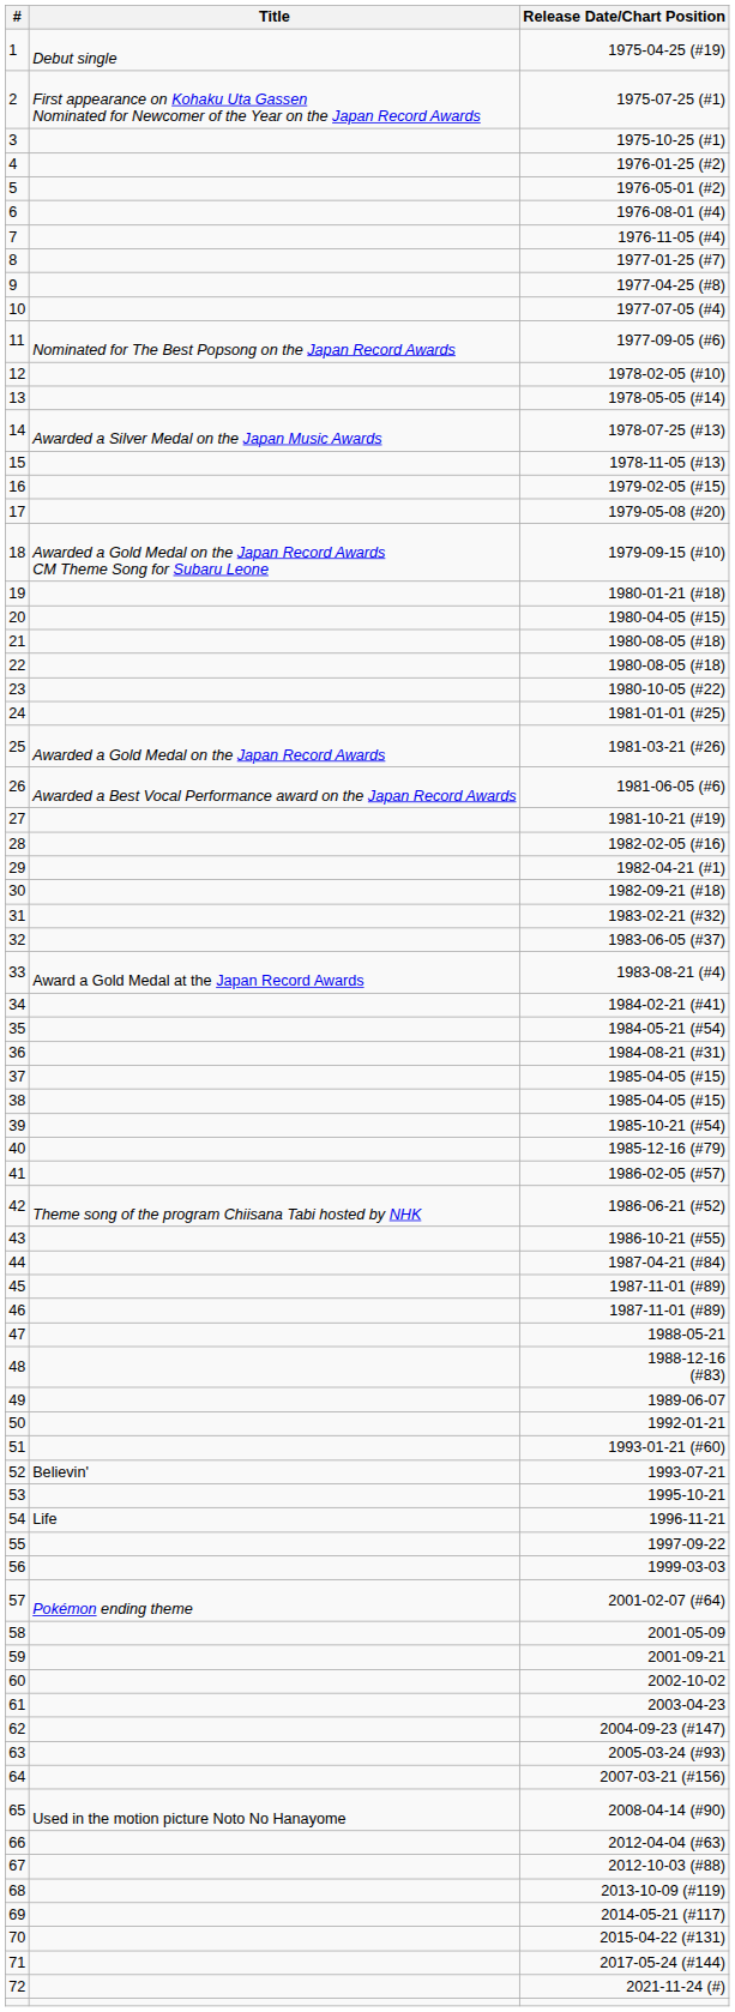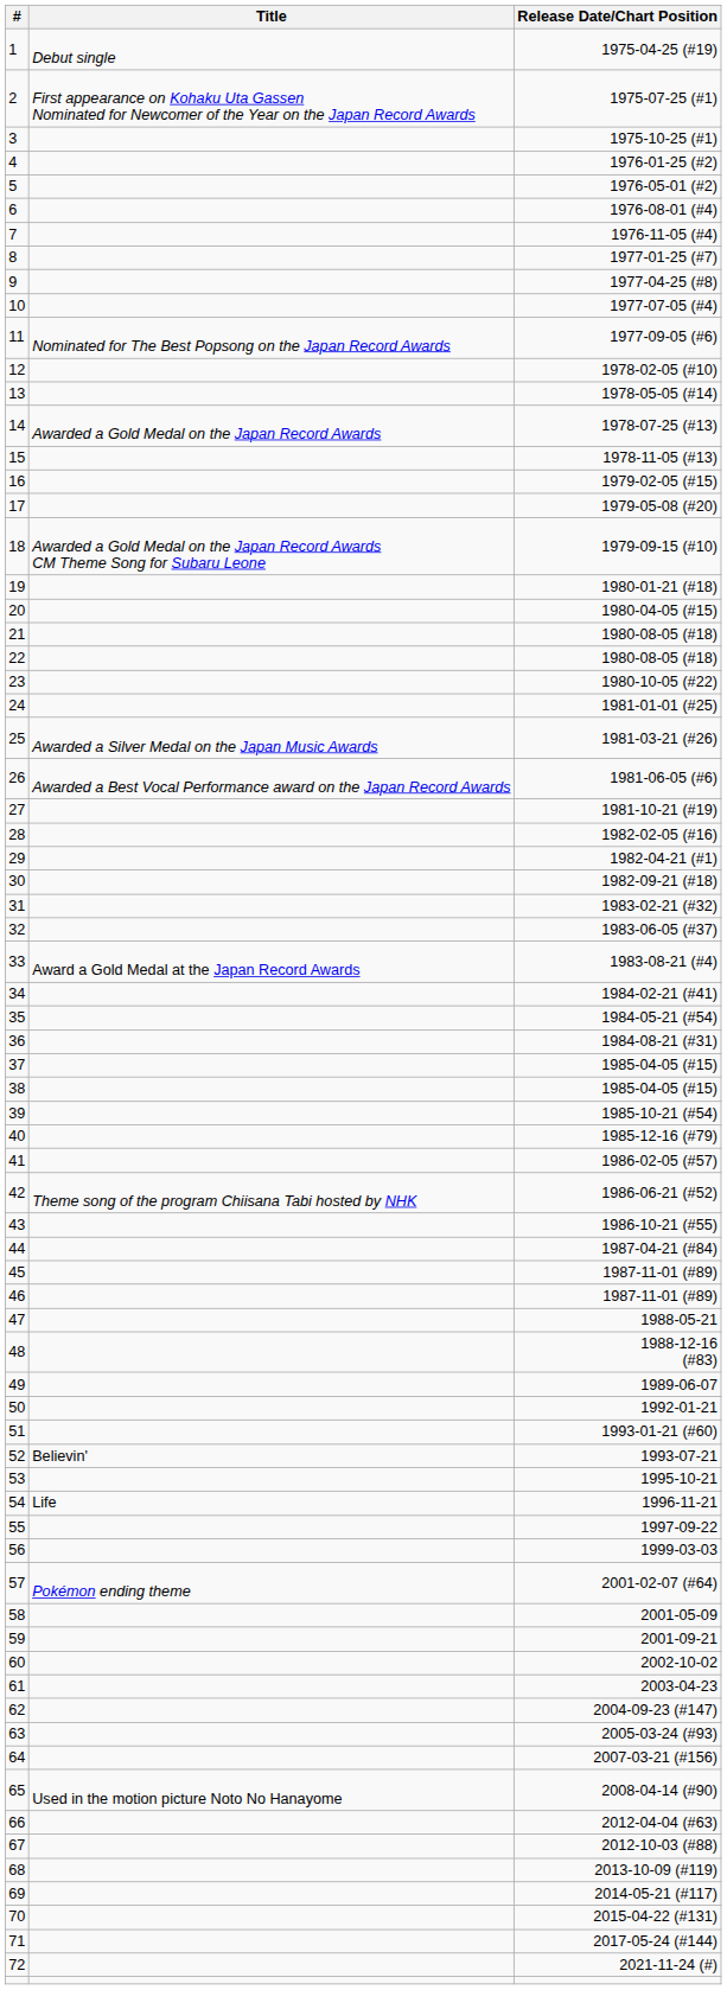 <table class="wikitable">
 <tr>
 <th>#</th>
 <th>Title</th>
 <th>Release Date/Chart Position</th>
 </tr>
 <tr>
 <td>1</td>
 <td align="left"><br><em>Debut single</em></td>
 <td align="right">1975-04-25 (#19)</td>
 </tr>
 <tr>
 <td>2</td>
 <td align="left"><br><em>First appearance on <a href='#'>Kohaku Uta Gassen</a></em><br><em>Nominated for Newcomer of the Year on the <a href='#'>Japan Record Awards</a></em></td>
 <td align="right">1975-07-25 (#1)</td>
 </tr>
 <tr>
 <td>3</td>
 <td align="left"><br></td>
 <td align="right">1975-10-25 (#1)</td>
 </tr>
 <tr>
 <td>4</td>
 <td align="left"></td>
 <td align="right">1976-01-25 (#2)</td>
 </tr>
 <tr>
 <td>5</td>
 <td align="left"></td>
 <td align="right">1976-05-01 (#2)</td>
 </tr>
 <tr>
 <td>6</td>
 <td align="left"></td>
 <td align="right">1976-08-01 (#4)</td>
 </tr>
 <tr>
 <td>7</td>
 <td align="left"></td>
 <td align="right">1976-11-05 (#4)</td>
 </tr>
 <tr>
 <td>8</td>
 <td align="left"></td>
 <td align="right">1977-01-25 (#7)</td>
 </tr>
 <tr>
 <td>9</td>
 <td align="left"><br></td>
 <td align="right">1977-04-25 (#8)</td>
 </tr>
 <tr>
 <td>10</td>
 <td align="left"></td>
 <td align="right">1977-07-05 (#4)</td>
 </tr>
 <tr>
 <td>11</td>
 <td align="left"><br><em>Nominated for The Best Popsong on the <a href='#'>Japan Record Awards</a></em></td>
 <td align="right">1977-09-05 (#6)</td>
 </tr>
 <tr>
 <td>12</td>
 <td align="left"></td>
 <td align="right">1978-02-05 (#10)</td>
 </tr>
 <tr>
 <td>13</td>
 <td align="left"></td>
 <td align="right">1978-05-05 (#14)</td>
 </tr>
 <tr>
 <td>14</td>
-<td align="left"><br><em>Awarded a Silver Medal on the <a href='#'>Japan Music Awards</a></em></td>
+<td align="left"><br><em>Awarded a Gold Medal on the <a href='#'>Japan Record Awards</a></em></td>
 <td align="right">1978-07-25 (#13)</td>
 </tr>
 <tr>
 <td>15</td>
 <td align="left"></td>
 <td align="right">1978-11-05 (#13)</td>
 </tr>
 <tr>
 <td>16</td>
 <td align="left"><br></td>
 <td align="right">1979-02-05 (#15)</td>
 </tr>
 <tr>
 <td>17</td>
 <td align="left"></td>
 <td align="right">1979-05-08 (#20)</td>
 </tr>
 <tr>
 <td>18</td>
 <td align="left"><br> <em>Awarded a Gold Medal on the <a href='#'>Japan Record Awards</a></em><br><em>CM Theme Song for <a href='#'>Subaru Leone</a></em></td>
 <td align="right">1979-09-15 (#10)</td>
 </tr>
 <tr>
 <td>19</td>
 <td align="left"></td>
 <td align="right">1980-01-21 (#18)</td>
 </tr>
 <tr>
 <td>20</td>
 <td align="left"></td>
 <td align="right">1980-04-05 (#15)</td>
 </tr>
 <tr>
 <td>21</td>
 <td align="left"></td>
 <td align="right">1980-08-05 (#18)</td>
 </tr>
 <tr>
 <td>22</td>
 <td align="left"></td>
 <td align="right">1980-08-05 (#18)</td>
 </tr>
 <tr>
 <td>23</td>
 <td align="left"></td>
 <td align="right">1980-10-05 (#22)</td>
 </tr>
 <tr>
 <td>24</td>
 <td align="left"></td>
 <td align="right">1981-01-01 (#25)</td>
 </tr>
 <tr>
 <td>25</td>
-<td align="left"><br><em>Awarded a Gold Medal on the <a href='#'>Japan Record Awards</a></em></td>
+<td align="left"><br><em>Awarded a Silver Medal on the <a href='#'>Japan Music Awards</a></em></td>
 <td align="right">1981-03-21 (#26)</td>
 </tr>
 <tr>
 <td>26</td>
 <td align="left"><br><em>Awarded a Best Vocal Performance award on the <a href='#'>Japan Record Awards</a></em></td>
 <td align="right">1981-06-05 (#6)</td>
 </tr>
 <tr>
 <td>27</td>
 <td align="left"></td>
 <td align="right">1981-10-21 (#19)</td>
 </tr>
 <tr>
 <td>28</td>
 <td align="left"></td>
 <td align="right">1982-02-05 (#16)</td>
 </tr>
 <tr>
 <td>29</td>
 <td align="left"></td>
 <td align="right">1982-04-21 (#1)</td>
 </tr>
 <tr>
 <td>30</td>
 <td align="left"></td>
 <td align="right">1982-09-21 (#18)</td>
 </tr>
 <tr>
 <td>31</td>
 <td align="left"></td>
 <td align="right">1983-02-21 (#32)</td>
 </tr>
 <tr>
 <td>32</td>
 <td align="left"></td>
 <td align="right">1983-06-05 (#37)</td>
 </tr>
 <tr>
 <td>33</td>
 <td align="left"><br>Award a Gold Medal at the <a href='#'>Japan Record Awards</a></td>
 <td align="right">1983-08-21 (#4)</td>
 </tr>
 <tr>
 <td>34</td>
 <td align="left"></td>
 <td align="right">1984-02-21 (#41)</td>
 </tr>
 <tr>
 <td>35</td>
 <td align="left"></td>
 <td align="right">1984-05-21 (#54)</td>
 </tr>
 <tr>
 <td>36</td>
 <td align="left"></td>
 <td align="right">1984-08-21 (#31)</td>
 </tr>
 <tr>
 <td>37</td>
 <td align="left"></td>
 <td align="right">1985-04-05 (#15)</td>
 </tr>
 <tr>
 <td>38</td>
 <td align="left"></td>
 <td align="right">1985-04-05 (#15)</td>
 </tr>
 <tr>
 <td>39</td>
 <td align="left"></td>
 <td align="right">1985-10-21 (#54)</td>
 </tr>
 <tr>
 <td>40</td>
 <td align="left"></td>
 <td align="right">1985-12-16 (#79)</td>
 </tr>
 <tr>
 <td>41</td>
 <td align="left"></td>
 <td align="right">1986-02-05 (#57)</td>
 </tr>
 <tr>
 <td>42</td>
 <td align="left"><br><em>Theme song of the program Chiisana Tabi hosted by <a href='#'>NHK</a></em></td>
 <td align="right">1986-06-21 (#52)</td>
 </tr>
 <tr>
 <td>43</td>
 <td align="left"></td>
 <td align="right">1986-10-21 (#55)</td>
 </tr>
 <tr>
 <td>44</td>
 <td align="left"></td>
 <td align="right">1987-04-21 (#84)</td>
 </tr>
 <tr>
 <td>45</td>
 <td align="left"></td>
 <td align="right">1987-11-01 (#89)</td>
 </tr>
 <tr>
 <td>46</td>
 <td align="left"></td>
 <td align="right">1987-11-01 (#89)</td>
 </tr>
 <tr>
 <td>47</td>
 <td align="left"></td>
 <td align="right">1988-05-21</td>
 </tr>
 <tr>
 <td>48</td>
 <td align="left"></td>
 <td align="right">1988-12-16<br>(#83)</td>
 </tr>
 <tr>
 <td>49</td>
 <td align="left"></td>
 <td align="right">1989-06-07</td>
 </tr>
 <tr>
 <td>50</td>
 <td align="left"></td>
 <td align="right">1992-01-21</td>
 </tr>
 <tr>
 <td>51</td>
 <td align="left"></td>
 <td align="right">1993-01-21 (#60)</td>
 </tr>
 <tr>
 <td>52</td>
 <td align="left">Believin'</td>
 <td align="right">1993-07-21</td>
 </tr>
 <tr>
 <td>53</td>
 <td align="left"></td>
 <td align="right">1995-10-21</td>
 </tr>
 <tr>
 <td>54</td>
 <td align="left">Life</td>
 <td align="right">1996-11-21</td>
 </tr>
 <tr>
 <td>55</td>
 <td align="left"></td>
 <td align="right">1997-09-22</td>
 </tr>
 <tr>
 <td>56</td>
 <td align="left"></td>
 <td align="right">1999-03-03</td>
 </tr>
 <tr>
 <td>57</td>
 <td align="left"><br><em><a href='#'>Pokémon</a> ending theme</em></td>
 <td align="right">2001-02-07 (#64)</td>
 </tr>
 <tr>
 <td>58</td>
 <td align="left"></td>
 <td align="right">2001-05-09</td>
 </tr>
 <tr>
 <td>59</td>
 <td align="left"></td>
 <td align="right">2001-09-21</td>
 </tr>
 <tr>
 <td>60</td>
 <td align="left"></td>
 <td align="right">2002-10-02</td>
 </tr>
 <tr>
 <td>61</td>
 <td align="left"></td>
 <td align="right">2003-04-23</td>
 </tr>
 <tr>
 <td>62</td>
 <td align="left"></td>
 <td align="right">2004-09-23 (#147)</td>
 </tr>
 <tr>
 <td>63</td>
 <td align="left"></td>
 <td align="right">2005-03-24 (#93)</td>
 </tr>
 <tr>
 <td>64</td>
 <td align="left"></td>
 <td align="right">2007-03-21 (#156)</td>
 </tr>
 <tr>
 <td>65</td>
 <td align="left"><br>Used in the motion picture Noto No Hanayome</td>
 <td align="right">2008-04-14 (#90)</td>
 </tr>
 <tr>
 <td>66</td>
 <td align="left"></td>
 <td align="right">2012-04-04 (#63)</td>
 </tr>
 <tr>
 <td>67</td>
 <td align="left"></td>
 <td align="right">2012-10-03 (#88)</td>
 </tr>
 <tr>
 <td>68</td>
 <td align="left"></td>
 <td align="right">2013-10-09 (#119)</td>
 </tr>
 <tr>
 <td>69</td>
 <td align="left"></td>
 <td align="right">2014-05-21 (#117)</td>
 </tr>
 <tr>
 <td>70</td>
 <td align="left"></td>
 <td align="right">2015-04-22 (#131)</td>
 </tr>
 <tr>
 <td>71</td>
 <td align="left"></td>
 <td align="right">2017-05-24 (#144)</td>
 </tr>
 <tr>
 <td>72</td>
 <td align="left"></td>
 <td align="right">2021-11-24 (#)</td>
 </tr>
 <tr>
 <td></td>
 <td></td>
 <td></td>
 </tr>
 </table>
